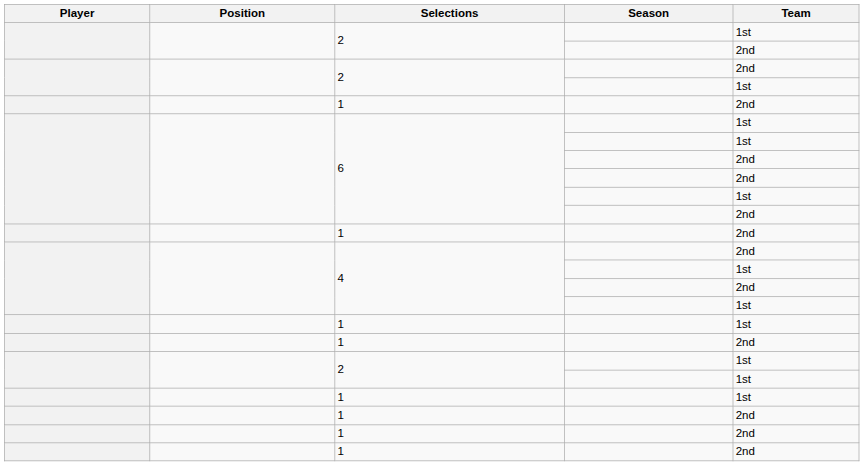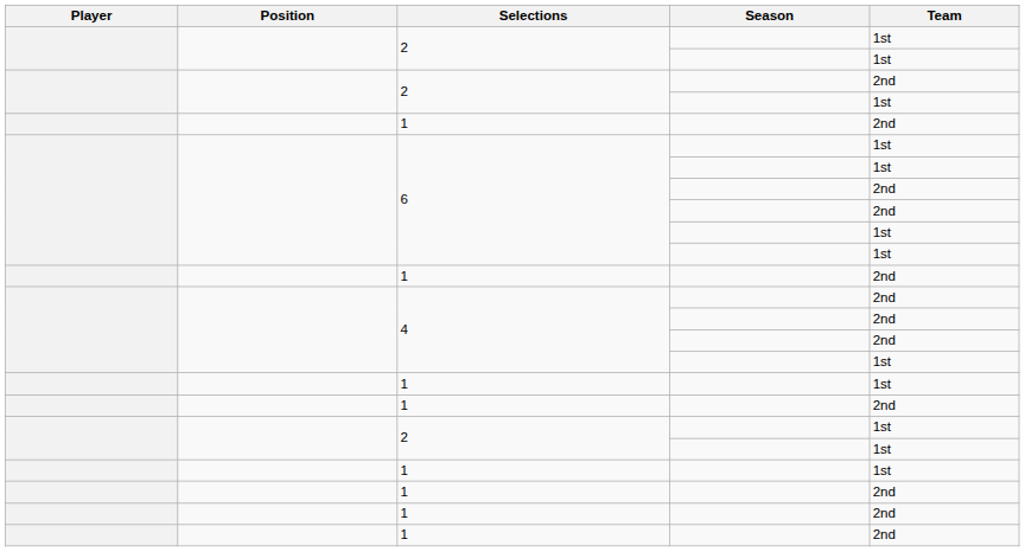 <table class="wikitable sortable" width="75%">
 <tr>
 <th scope="col">Player</th>
 <th scope="col">Position</th>
 <th scope="col">Selections</th>
 <th scope="col">Season</th>
 <th scope="col">Team</th>
 </tr>
 <tr>
 <th scope="row" rowspan="2"></th>
 <td rowspan="2"></td>
 <td rowspan="2">2</td>
 <td></td>
 <td>1st</td>
 </tr>
 <tr>
 <td></td>
-<td>2nd</td>
+<td>1st</td>
 </tr>
 <tr>
 <th scope="row" rowspan="2"></th>
 <td rowspan="2"></td>
 <td rowspan="2">2</td>
 <td></td>
 <td>2nd</td>
 </tr>
 <tr>
 <td></td>
 <td>1st</td>
 </tr>
 <tr>
 <th scope="row"></th>
 <td></td>
 <td>1</td>
 <td></td>
 <td>2nd</td>
 </tr>
 <tr>
 <th scope="row" rowspan="6"></th>
 <td rowspan="6"></td>
 <td rowspan="6">6</td>
 <td></td>
 <td>1st</td>
 </tr>
 <tr>
 <td></td>
 <td>1st</td>
 </tr>
 <tr>
 <td></td>
 <td>2nd</td>
 </tr>
 <tr>
 <td></td>
 <td>2nd</td>
 </tr>
 <tr>
 <td></td>
 <td>1st</td>
 </tr>
 <tr>
 <td></td>
-<td>2nd</td>
+<td>1st</td>
 </tr>
 <tr>
 <th scope="row"></th>
 <td></td>
 <td>1</td>
 <td></td>
 <td>2nd</td>
 </tr>
 <tr>
 <th scope="row" rowspan="4"></th>
 <td rowspan="4"></td>
 <td rowspan="4">4</td>
 <td></td>
 <td>2nd</td>
 </tr>
 <tr>
 <td></td>
-<td>1st</td>
+<td>2nd</td>
 </tr>
 <tr>
 <td></td>
 <td>2nd</td>
 </tr>
 <tr>
 <td></td>
 <td>1st</td>
 </tr>
 <tr>
 <th scope="row"></th>
 <td></td>
 <td>1</td>
 <td></td>
 <td>1st</td>
 </tr>
 <tr>
 <th scope="row"></th>
 <td></td>
 <td>1</td>
 <td></td>
 <td>2nd</td>
 </tr>
 <tr>
 <th scope="row" rowspan="2"></th>
 <td rowspan="2"></td>
 <td rowspan="2">2</td>
 <td></td>
 <td>1st</td>
 </tr>
 <tr>
 <td></td>
 <td>1st</td>
 </tr>
 <tr>
 <th scope="row"></th>
 <td></td>
 <td>1</td>
 <td></td>
 <td>1st</td>
 </tr>
 <tr>
 <th scope="row"></th>
 <td></td>
 <td>1</td>
 <td></td>
 <td>2nd</td>
 </tr>
 <tr>
 <th scope="row"></th>
 <td></td>
 <td>1</td>
 <td></td>
 <td>2nd</td>
 </tr>
 <tr>
 <th scope="row"></th>
 <td></td>
 <td>1</td>
 <td></td>
 <td>2nd</td>
 </tr>
 </table>
